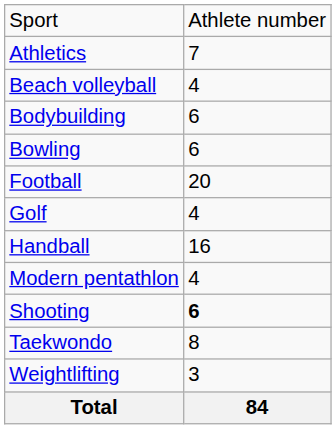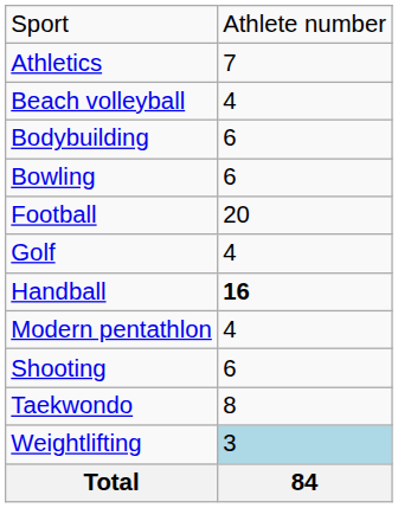 <table class="wikitable">
 <tr>
 <td>Sport</td>
 <td>Athlete number</td>
 </tr>
 <tr>
 <td><a href='#'>Athletics</a></td>
 <td>7</td>
 </tr>
 <tr>
 <td><a href='#'>Beach volleyball</a></td>
 <td>4</td>
 </tr>
 <tr>
 <td><a href='#'>Bodybuilding</a></td>
 <td>6</td>
 </tr>
 <tr>
 <td><a href='#'>Bowling</a></td>
 <td>6</td>
 </tr>
 <tr>
 <td><a href='#'>Football</a></td>
 <td>20</td>
 </tr>
 <tr>
 <td><a href='#'>Golf</a></td>
 <td>4</td>
 </tr>
 <tr>
 <td><a href='#'>Handball</a></td>
-<td>16</td>
+<td><strong>16</strong></td>
 </tr>
 <tr>
 <td><a href='#'>Modern pentathlon</a></td>
 <td>4</td>
 </tr>
 <tr>
 <td><a href='#'>Shooting</a></td>
-<td><strong>6</strong></td>
+<td>6</td>
 </tr>
 <tr>
 <td><a href='#'>Taekwondo</a></td>
 <td>8</td>
 </tr>
 <tr>
 <td><a href='#'>Weightlifting</a></td>
-<td>3</td>
+<td style="background: lightblue;">3</td>
 </tr>
 <tr>
 <th>Total</th>
 <th>84</th>
 </tr>
 </table>
